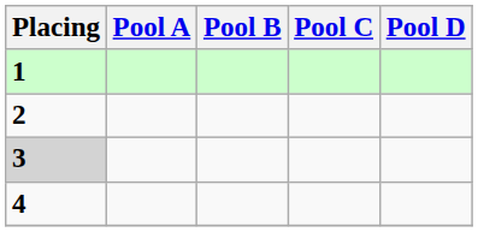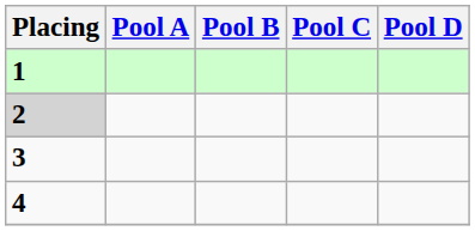 <table class=wikitable style="border:1px solid #AAAAAA;">
 <tr>
 <th>Placing</th>
 <th><a href='#'>Pool A</a></th>
 <th><a href='#'>Pool B</a></th>
 <th><a href='#'>Pool C</a></th>
 <th><a href='#'>Pool D</a></th>
 </tr>
 <tr style="background: #ccffcc;">
 <td><strong>1</strong></td>
 <td></td>
 <td></td>
 <td></td>
 <td></td>
 </tr>
 <tr>
-<td><strong>2</strong></td>
+<td style="background: lightgrey;"><strong>2</strong></td>
 <td></td>
 <td></td>
 <td></td>
 <td></td>
 </tr>
 <tr>
-<td style="background: lightgrey;"><strong>3</strong></td>
+<td><strong>3</strong></td>
 <td></td>
 <td></td>
 <td></td>
 <td></td>
 </tr>
 <tr>
 <td><strong>4</strong></td>
 <td> </td>
 <td> </td>
 <td> </td>
 <td></td>
 </tr>
 <tr>
 </tr>
 </table>
